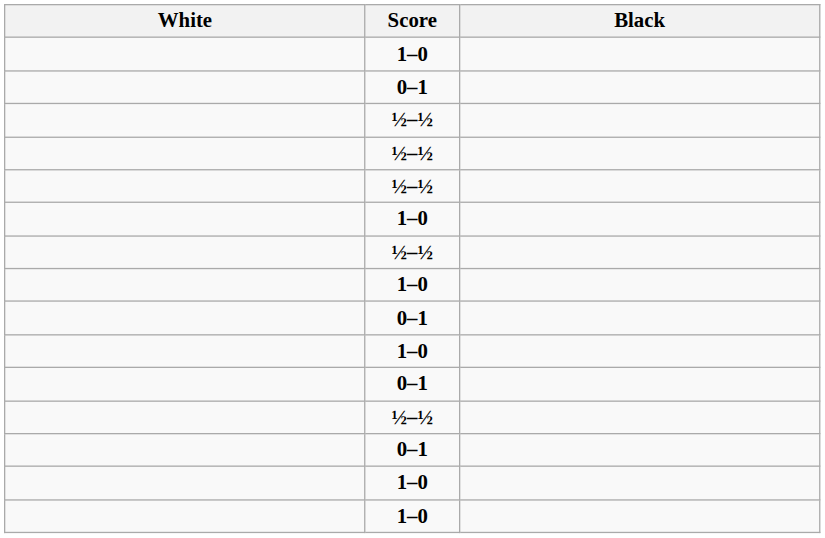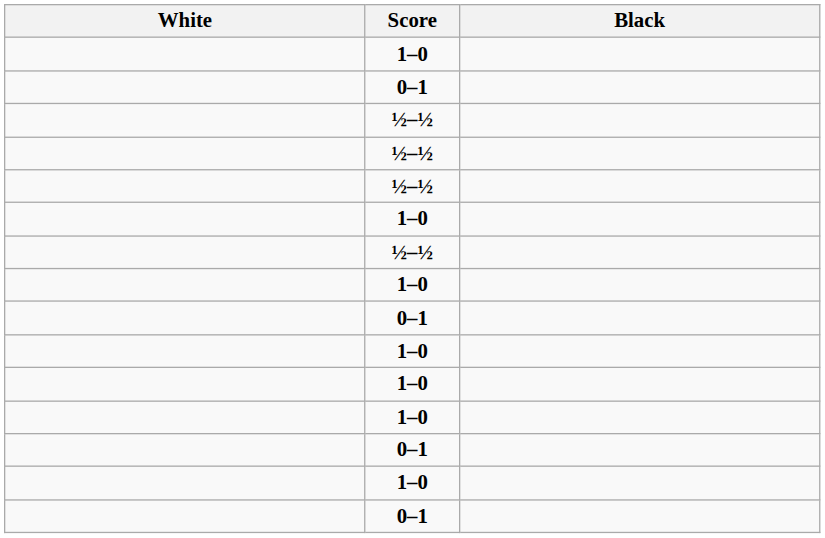 <table class="wikitable" style="text-align: center;">
 <tr>
 <th align="right" width="270">White</th>
 <th width="65">Score</th>
 <th align="left" width="270">Black</th>
 </tr>
 <tr>
 <td align=left><strong></strong></td>
 <td align=center><strong>1–0</strong></td>
 <td align=left></td>
 </tr>
 <tr>
 <td align=left></td>
 <td align=center><strong>0–1</strong></td>
 <td align=left><strong></strong></td>
 </tr>
 <tr>
 <td align=left></td>
 <td align=center><strong>½–½</strong></td>
 <td align=left></td>
 </tr>
 <tr>
 <td align=left></td>
 <td align=center><strong>½–½</strong></td>
 <td align=left></td>
 </tr>
 <tr>
 <td align=left></td>
 <td align=center><strong>½–½</strong></td>
 <td align=left></td>
 </tr>
 <tr>
 <td align=left><strong></strong></td>
 <td align=center><strong>1–0</strong></td>
 <td align=left></td>
 </tr>
 <tr>
 <td align=left><strong></strong></td>
 <td align=center><strong>½–½</strong></td>
 <td align=left></td>
 </tr>
 <tr>
 <td align=left><strong></strong></td>
 <td align=center><strong>1–0</strong></td>
 <td align=left></td>
 </tr>
 <tr>
 <td align=left></td>
 <td align=center><strong>0–1</strong></td>
 <td align=left><strong></strong></td>
 </tr>
 <tr>
 <td align=left></td>
 <td align=center><strong>1–0</strong></td>
 <td align=left></td>
 </tr>
 <tr>
 <td align=left></td>
-<td align=center><strong>0–1</strong></td>
+<td align=center><strong>1–0</strong></td>
 <td align=left><strong></strong></td>
 </tr>
 <tr>
 <td align=left><strong></strong></td>
-<td align=center><strong>½–½</strong></td>
+<td align=center><strong>1–0</strong></td>
 <td align=left></td>
 </tr>
 <tr>
 <td align=left></td>
 <td align=center><strong>0–1</strong></td>
 <td align=left><strong></strong></td>
 </tr>
 <tr>
 <td align=left><strong></strong></td>
 <td align=center><strong>1–0</strong></td>
 <td align=left></td>
 </tr>
 <tr>
 <td align=left><strong></strong></td>
-<td align=center><strong>1–0</strong></td>
+<td align=center><strong>0–1</strong></td>
 <td align=left></td>
 </tr>
 </table>
